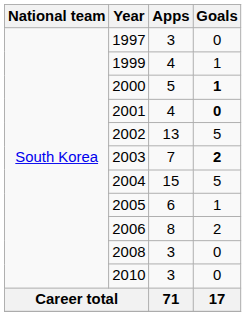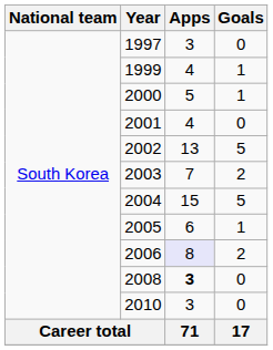 <table class="wikitable" style="text-align:center">
 <tr>
 <th>National team</th>
 <th>Year</th>
 <th>Apps</th>
 <th>Goals</th>
 </tr>
 <tr>
 <td rowspan="11"><a href='#'>South Korea</a></td>
 <td>1997</td>
 <td>3</td>
 <td>0</td>
 </tr>
 <tr>
 <td>1999</td>
 <td>4</td>
 <td>1</td>
 </tr>
 <tr>
 <td>2000</td>
 <td>5</td>
-<td><strong>1</strong></td>
+<td>1</td>
 </tr>
 <tr>
 <td>2001</td>
 <td>4</td>
-<td><strong>0</strong></td>
+<td>0</td>
 </tr>
 <tr>
 <td>2002</td>
 <td>13</td>
 <td>5</td>
 </tr>
 <tr>
 <td>2003</td>
 <td>7</td>
-<td><strong>2</strong></td>
+<td>2</td>
 </tr>
 <tr>
 <td>2004</td>
 <td>15</td>
 <td>5</td>
 </tr>
 <tr>
 <td>2005</td>
 <td>6</td>
 <td>1</td>
 </tr>
 <tr>
 <td>2006</td>
-<td>8</td>
+<td style="background: lavender;">8</td>
 <td>2</td>
 </tr>
 <tr>
 <td>2008</td>
-<td>3</td>
+<td><strong>3</strong></td>
 <td>0</td>
 </tr>
 <tr>
 <td>2010</td>
 <td>3</td>
 <td>0</td>
 </tr>
 <tr>
 <th colspan="2">Career total</th>
 <th>71</th>
 <th>17</th>
 </tr>
 <tr>
 </tr>
 </table>
